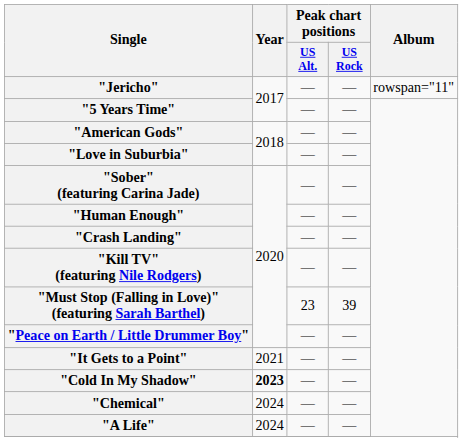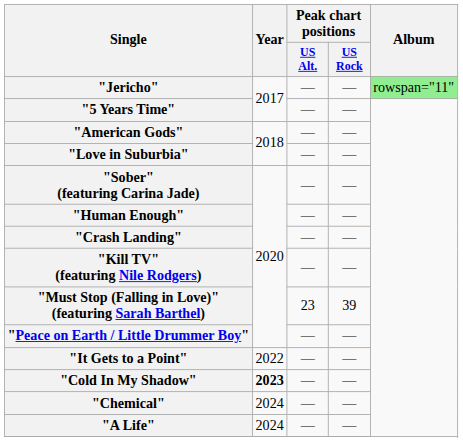 <table class="wikitable plainrowheaders" style="text-align:center;">
 <tr>
 <th rowspan="2">Single</th>
 <th rowspan="2">Year</th>
 <th colspan="2">Peak chart<br>positions</th>
 <th rowspan="2">Album</th>
 </tr>
 <tr>
 <th scope="col" style="width:3em;font-size:85%;"><a href='#'>US<br>Alt.</a><br></th>
 <th scope="col" style="width:3em;font-size:85%;"><a href='#'>US<br>Rock</a><br></th>
 </tr>
 <tr>
 <th scope="row">"Jericho"</th>
 <td rowspan="2">2017</td>
 <td>—</td>
 <td>—</td>
-<td>rowspan="11" </td>
+<td style="background: lightgreen;">rowspan="11" </td>
 </tr>
 <tr>
 <th scope="row">"5 Years Time"</th>
 <td>—</td>
 <td>—</td>
 </tr>
 <tr>
 <th scope="row">"American Gods"</th>
 <td rowspan="2">2018</td>
 <td>—</td>
 <td>—</td>
 </tr>
 <tr>
 <th scope="row">"Love in Suburbia"</th>
 <td>—</td>
 <td>—</td>
 </tr>
 <tr>
 <th scope="row">"Sober"<br><span>(featuring Carina Jade)</span></th>
 <td rowspan="6">2020</td>
 <td>—</td>
 <td>—</td>
 </tr>
 <tr>
 <th scope="row">"Human Enough"</th>
 <td>—</td>
 <td>—</td>
 </tr>
 <tr>
 <th scope="row">"Crash Landing"</th>
 <td>—</td>
 <td>—</td>
 </tr>
 <tr>
 <th scope="row">"Kill TV"<br><span>(featuring <a href='#'>Nile Rodgers</a>)</span></th>
 <td>—</td>
 <td>—</td>
 </tr>
 <tr>
 <th scope="row">"Must Stop (Falling in Love)"<br><span>(featuring <a href='#'>Sarah Barthel</a>)</span></th>
 <td>23</td>
 <td>39</td>
 </tr>
 <tr>
 <th scope="row">"<a href='#'>Peace on Earth / Little Drummer Boy</a>"</th>
 <td>—</td>
 <td>—</td>
 </tr>
 <tr>
 <th scope="row">"It Gets to a Point"</th>
-<td>2021</td>
+<td>2022</td>
 <td>—</td>
 <td>—</td>
 </tr>
 <tr>
 <th scope="row">"Cold In My Shadow"</th>
 <td><strong>2023</strong></td>
 <td>—</td>
 <td>—</td>
 </tr>
 <tr>
 <th scope="row">"Chemical"</th>
 <td>2024</td>
 <td>—</td>
 <td>—</td>
 </tr>
 <tr>
 <th scope="row">"A Life"</th>
 <td>2024</td>
 <td>—</td>
 <td>—</td>
 </tr>
 <tr>
 </tr>
 </table>
